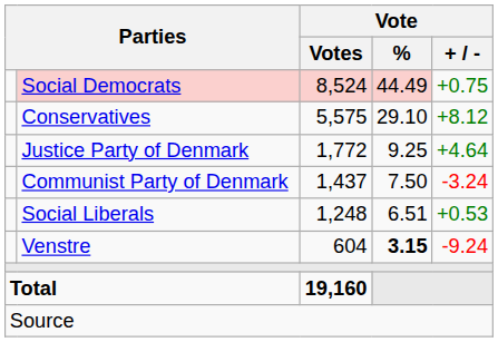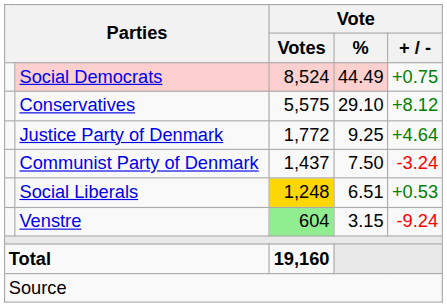 <table class="wikitable" style="text-align:right;">
 <tr>
 <th style="text-align:centre;" rowspan="2" colspan="2" width="225">Parties</th>
 <th colspan="3">Vote</th>
 </tr>
 <tr>
 <th width="15">Votes</th>
 <th width="15">%</th>
 <th width="15">+ / -</th>
 </tr>
 <tr>
 <td width="2" style="color:inherit;background:"></td>
 <td bgcolor=#fbd0ce  align="left"><a href='#'>Social Democrats</a></td>
 <td bgcolor=#fbd0ce>8,524</td>
 <td bgcolor=#fbd0ce>44.49</td>
 <td style=color:green;>+0.75</td>
 </tr>
 <tr>
 <td width="2" style="color:inherit;background:"></td>
 <td align="left"><a href='#'>Conservatives</a></td>
 <td>5,575</td>
 <td>29.10</td>
 <td style=color:green;>+8.12</td>
 </tr>
 <tr>
 <td width="2" style="color:inherit;background:"></td>
 <td align="left"><a href='#'>Justice Party of Denmark</a></td>
 <td>1,772</td>
 <td>9.25</td>
 <td style=color:green;>+4.64</td>
 </tr>
 <tr>
 <td width="2" style="color:inherit;background:"></td>
 <td align="left"><a href='#'>Communist Party of Denmark</a></td>
 <td>1,437</td>
 <td>7.50</td>
 <td style=color:red;>-3.24</td>
 </tr>
 <tr>
 <td width="2" style="color:inherit;background:"></td>
 <td align="left"><a href='#'>Social Liberals</a></td>
-<td>1,248</td>
+<td style="background: gold;">1,248</td>
 <td>6.51</td>
 <td style=color:green;>+0.53</td>
 </tr>
 <tr>
 <td width="2" style="color:inherit;background:"></td>
 <td align="left"><a href='#'>Venstre</a></td>
-<td>604</td>
-<td><strong>3.15</strong></td>
+<td style="background: lightgreen;">604</td>
+<td>3.15</td>
 <td style=color:red;>-9.24</td>
 </tr>
 <tr>
 <td colspan="7" bgcolor="#E9E9E9"></td>
 </tr>
 <tr>
 <td align="left" colspan="2"><strong>Total</strong></td>
 <td><strong>19,160</strong></td>
 <td bgcolor="#E9E9E9" colspan="2"></td>
 </tr>
 <tr>
 <td align="left" colspan="6">Source</td>
 </tr>
 </table>
